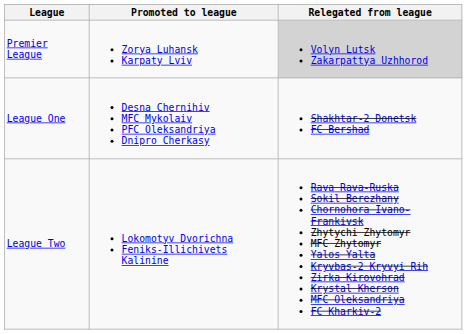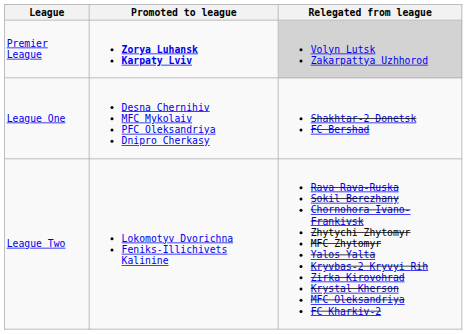 <table class="wikitable">
 <tr>
 <th colspan=2>League</th>
 <th>Promoted to league</th>
 <th>Relegated from league</th>
 </tr>
 <tr>
 <td colspan=2><a href='#'>Premier League</a></td>
-<td><br><ul><li><a href='#'>Zorya Luhansk</a></li><li><a href='#'>Karpaty Lviv</a></li></ul></td>
+<td><strong><br><ul><li><a href='#'>Zorya Luhansk</a></li><li><a href='#'>Karpaty Lviv</a></li></ul></strong></td>
 <td style="background: lightgrey;"><br><ul><li><a href='#'>Volyn Lutsk</a></li><li><a href='#'>Zakarpattya Uzhhorod</a></li></ul></td>
 </tr>
 <tr>
 <td colspan=2><a href='#'>League One</a></td>
 <td><br><ul><li><a href='#'>Desna Chernihiv</a></li><li><a href='#'>MFC Mykolaiv</a></li><li><a href='#'>PFC Oleksandriya</a></li><li><a href='#'>Dnipro Cherkasy</a></li></ul></td>
 <td><br><ul><li><del><a href='#'>Shakhtar-2 Donetsk</a></del></li><li><del><a href='#'>FC Bershad</a></del></li></ul></td>
 </tr>
 <tr>
 <td colspan=2><a href='#'>League Two</a></td>
 <td><br><ul><li><a href='#'>Lokomotyv Dvorichna</a></li><li><a href='#'>Feniks-Illichivets Kalinine</a></li></ul></td>
 <td><br><ul><li><del><a href='#'>Rava Rava-Ruska</a></del></li><li><del><a href='#'>Sokil Berezhany</a></del></li><li><del><a href='#'>Chornohora Ivano-Frankivsk</a></del></li><li><del>Zhytychi Zhytomyr</del></li><li><del>MFC Zhytomyr</del></li><li><del><a href='#'>Yalos Yalta</a></del></li><li><del><a href='#'>Kryvbas-2 Kryvyi Rih</a></del></li><li><del><a href='#'>Zirka Kirovohrad</a></del></li><li><del><a href='#'>Krystal Kherson</a></del></li><li><del><a href='#'>MFC Oleksandriya</a></del></li><li><del><a href='#'>FC Kharkiv-2</a></del></li></ul></td>
 </tr>
 </table>
